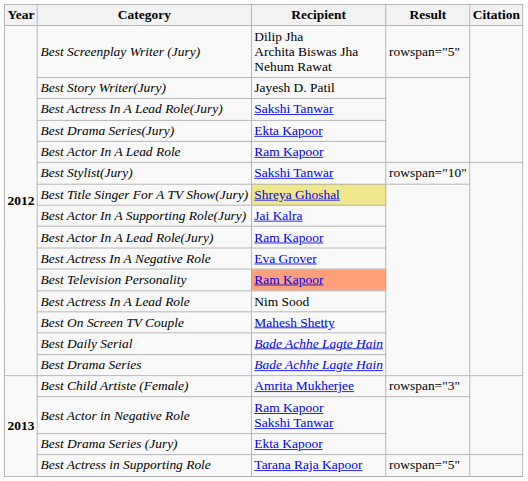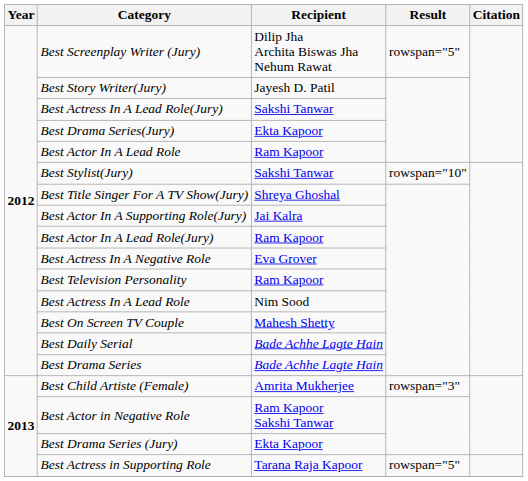 <table class="wikitable">
 <tr>
 <th>Year</th>
 <th>Category</th>
 <th>Recipient</th>
 <th>Result</th>
 <th>Citation</th>
 </tr>
 <tr>
 <td rowspan="15"><strong>2012</strong></td>
 <td><em>Best Screenplay Writer (Jury)</em></td>
 <td>Dilip Jha <br> Archita Biswas Jha <br> Nehum Rawat</td>
 <td>rowspan="5" </td>
 <td rowspan="5"></td>
 </tr>
 <tr>
 <td><em>Best Story Writer(Jury)</em></td>
 <td>Jayesh D. Patil</td>
 </tr>
 <tr>
 <td><em>Best Actress In A Lead Role(Jury)</em></td>
 <td><a href='#'>Sakshi Tanwar</a></td>
 </tr>
 <tr>
 <td><em>Best Drama Series(Jury)</em></td>
 <td><a href='#'>Ekta Kapoor</a></td>
 </tr>
 <tr>
 <td><em>Best Actor In A Lead Role</em></td>
 <td><a href='#'>Ram Kapoor</a></td>
 </tr>
 <tr>
 <td><em>Best Stylist(Jury)</em></td>
 <td><a href='#'>Sakshi Tanwar</a></td>
 <td>rowspan="10" </td>
 <td rowspan="10"></td>
 </tr>
 <tr>
 <td><em>Best Title Singer For A TV Show(Jury)</em></td>
-<td style="background: khaki;"><a href='#'>Shreya Ghoshal</a></td>
+<td><a href='#'>Shreya Ghoshal</a></td>
 </tr>
 <tr>
 <td><em>Best Actor In A Supporting Role(Jury)</em></td>
 <td><a href='#'>Jai Kalra</a></td>
 </tr>
 <tr>
 <td><em>Best Actor In A Lead Role(Jury)</em></td>
 <td><a href='#'>Ram Kapoor</a></td>
 </tr>
 <tr>
 <td><em>Best Actress In A Negative Role</em></td>
 <td><a href='#'>Eva Grover</a></td>
 </tr>
 <tr>
 <td><em>Best Television Personality</em></td>
-<td style="background: lightsalmon;"><a href='#'>Ram Kapoor</a></td>
+<td><a href='#'>Ram Kapoor</a></td>
 </tr>
 <tr>
 <td><em>Best Actress In A Lead Role</em></td>
 <td>Nim Sood</td>
 </tr>
 <tr>
 <td><em>Best On Screen TV Couple</em></td>
 <td><a href='#'>Mahesh Shetty</a></td>
 </tr>
 <tr>
 <td><em>Best Daily Serial</em></td>
 <td><em><a href='#'>Bade Achhe Lagte Hain</a></em></td>
 </tr>
 <tr>
 <td><em>Best Drama Series</em></td>
 <td><em><a href='#'>Bade Achhe Lagte Hain</a></em></td>
 </tr>
 <tr>
 <td rowspan="8"><strong>2013</strong></td>
 <td><em>Best Child Artiste (Female)</em></td>
 <td><a href='#'>Amrita Mukherjee</a></td>
 <td>rowspan="3" </td>
 <td rowspan="3"></td>
 </tr>
 <tr>
 <td><em>Best Actor in Negative Role</em></td>
 <td><a href='#'>Ram Kapoor</a><br><a href='#'>Sakshi Tanwar</a></td>
 </tr>
 <tr>
 <td><em>Best Drama Series (Jury)</em></td>
 <td><a href='#'>Ekta Kapoor</a></td>
 </tr>
 <tr>
 <td><em>Best Actress in Supporting Role</em></td>
 <td><a href='#'>Tarana Raja Kapoor</a></td>
 <td>rowspan="5" </td>
 <td></td>
 </tr>
 <tr>
 </tr>
 </table>
